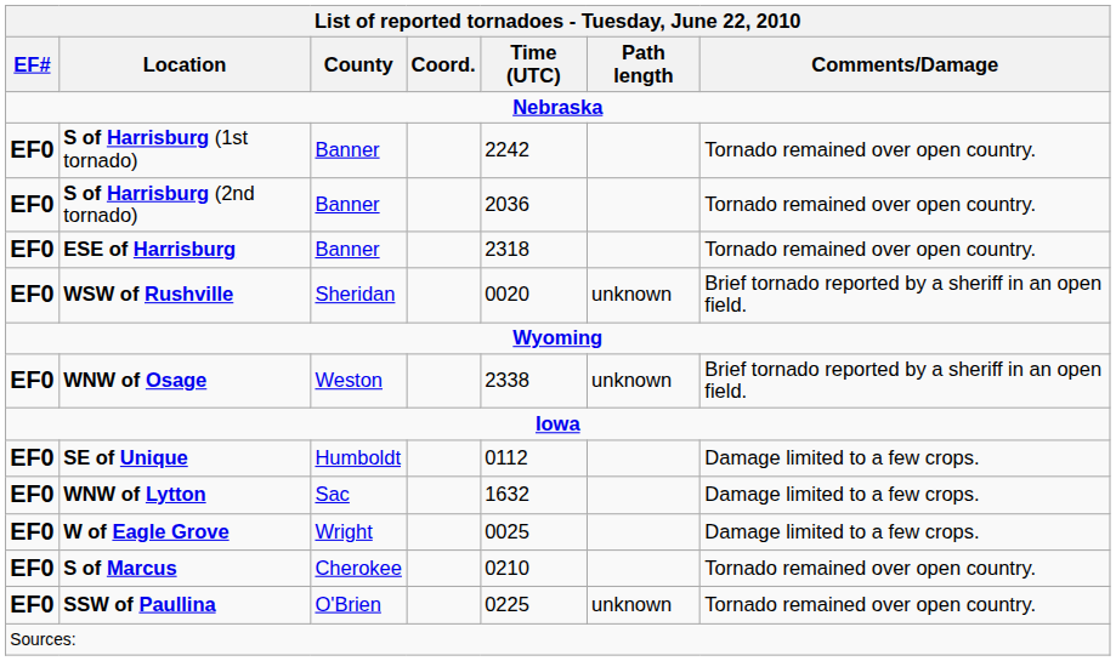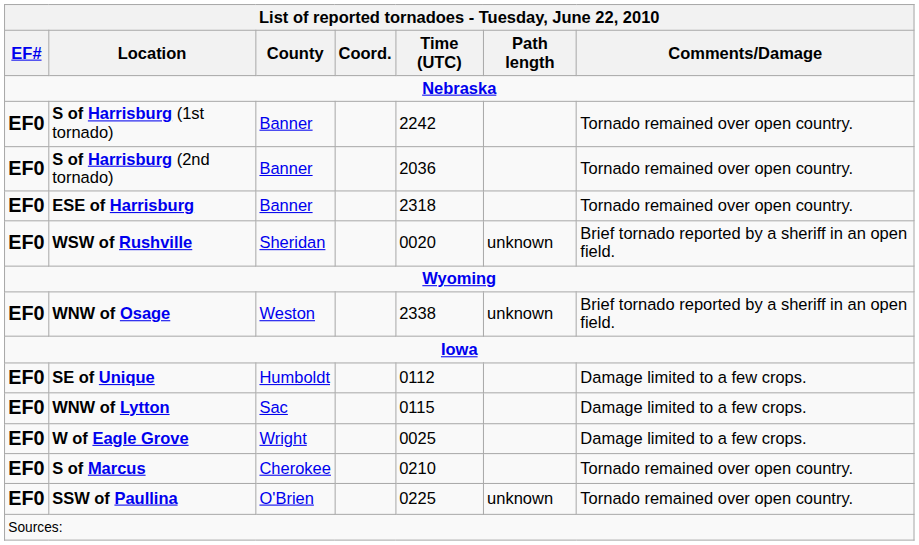 <table class="wikitable collapsible" width="100%">
 <tr>
 <th colspan="7">List of reported tornadoes - Tuesday, June 22, 2010</th>
 </tr>
 <tr>
 <th><a href='#'>EF#</a></th>
 <th>Location</th>
 <th>County</th>
 <th>Coord.</th>
 <th>Time (UTC)</th>
 <th>Path length</th>
 <th>Comments/Damage</th>
 </tr>
 <tr>
 <td colspan="7" align=center><strong><a href='#'>Nebraska</a></strong></td>
 </tr>
 <tr>
 <td><big><strong>EF0</strong></big></td>
 <td><strong>S of <a href='#'>Harrisburg</a></strong> (1st tornado)</td>
 <td><a href='#'>Banner</a></td>
 <td></td>
 <td>2242</td>
 <td></td>
 <td>Tornado remained over open country.</td>
 </tr>
 <tr>
 <td><big><strong>EF0</strong></big></td>
 <td><strong>S of <a href='#'>Harrisburg</a></strong> (2nd tornado)</td>
 <td><a href='#'>Banner</a></td>
 <td></td>
 <td>2036</td>
 <td></td>
 <td>Tornado remained over open country.</td>
 </tr>
 <tr>
 <td><big><strong>EF0</strong></big></td>
 <td><strong>ESE of <a href='#'>Harrisburg</a></strong></td>
 <td><a href='#'>Banner</a></td>
 <td></td>
 <td>2318</td>
 <td></td>
 <td>Tornado remained over open country.</td>
 </tr>
 <tr>
 <td><big><strong>EF0</strong></big></td>
 <td><strong>WSW of <a href='#'>Rushville</a></strong></td>
 <td><a href='#'>Sheridan</a></td>
 <td></td>
 <td>0020</td>
 <td>unknown</td>
 <td>Brief tornado reported by a sheriff in an open field.</td>
 </tr>
 <tr>
 <td colspan="7" align=center><strong><a href='#'>Wyoming</a></strong></td>
 </tr>
 <tr>
 <td><big><strong>EF0</strong></big></td>
 <td><strong>WNW of <a href='#'>Osage</a></strong></td>
 <td><a href='#'>Weston</a></td>
 <td></td>
 <td>2338</td>
 <td>unknown</td>
 <td>Brief tornado reported by a sheriff in an open field.</td>
 </tr>
 <tr>
 <td colspan="7" align=center><strong><a href='#'>Iowa</a></strong></td>
 </tr>
 <tr>
 <td><big><strong>EF0</strong></big></td>
 <td><strong>SE of <a href='#'>Unique</a></strong></td>
 <td><a href='#'>Humboldt</a></td>
 <td></td>
 <td>0112</td>
 <td></td>
 <td>Damage limited to a few crops.</td>
 </tr>
 <tr>
 <td><big><strong>EF0</strong></big></td>
 <td><strong>WNW of <a href='#'>Lytton</a></strong></td>
 <td><a href='#'>Sac</a></td>
 <td></td>
-<td>1632</td>
+<td>0115</td>
 <td></td>
 <td>Damage limited to a few crops.</td>
 </tr>
 <tr>
 <td><big><strong>EF0</strong></big></td>
 <td><strong>W of <a href='#'>Eagle Grove</a></strong></td>
 <td><a href='#'>Wright</a></td>
 <td></td>
 <td>0025</td>
 <td></td>
 <td>Damage limited to a few crops.</td>
 </tr>
 <tr>
 <td><big><strong>EF0</strong></big></td>
 <td><strong>S of <a href='#'>Marcus</a></strong></td>
 <td><a href='#'>Cherokee</a></td>
 <td></td>
 <td>0210</td>
 <td></td>
 <td>Tornado remained over open country.</td>
 </tr>
 <tr>
 <td><big><strong>EF0</strong></big></td>
 <td><strong>SSW of <a href='#'>Paullina</a></strong></td>
 <td><a href='#'>O'Brien</a></td>
 <td></td>
 <td>0225</td>
 <td>unknown</td>
 <td>Tornado remained over open country.</td>
 </tr>
 <tr>
 <td colspan="7"><small>Sources: </small></td>
 </tr>
 </table>
